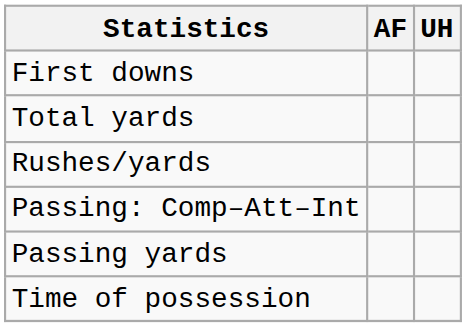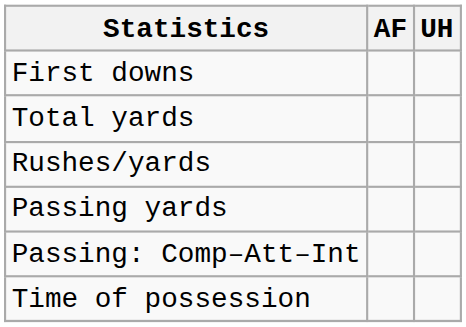 <table class="wikitable" style="float: left;">
 <tr>
 <th>Statistics</th>
 <th>AF</th>
 <th>UH</th>
 </tr>
 <tr>
 <td>First downs</td>
 <td></td>
 <td></td>
 </tr>
 <tr>
 <td>Total yards</td>
 <td></td>
 <td></td>
 </tr>
 <tr>
 <td>Rushes/yards</td>
 <td></td>
 <td></td>
 </tr>
 <tr>
-<td>Passing: Comp–Att–Int</td>
+<td>Passing yards</td>
 <td></td>
 <td></td>
 </tr>
 <tr>
-<td>Passing yards</td>
+<td>Passing: Comp–Att–Int</td>
 <td></td>
 <td></td>
 </tr>
 <tr>
 <td>Time of possession</td>
 <td></td>
 <td></td>
 </tr>
 <tr>
 </tr>
 </table>
